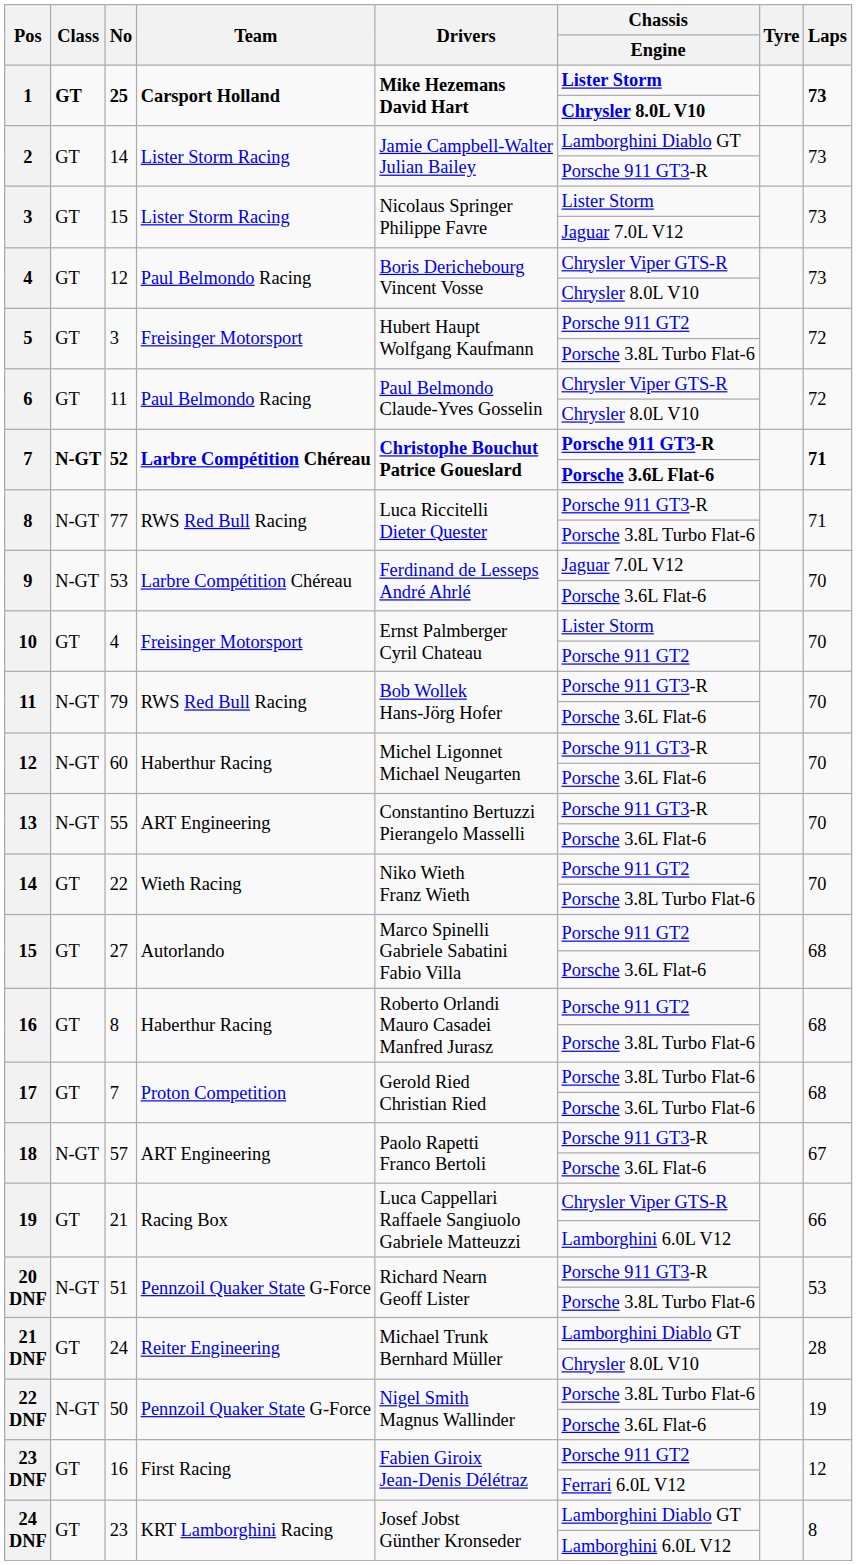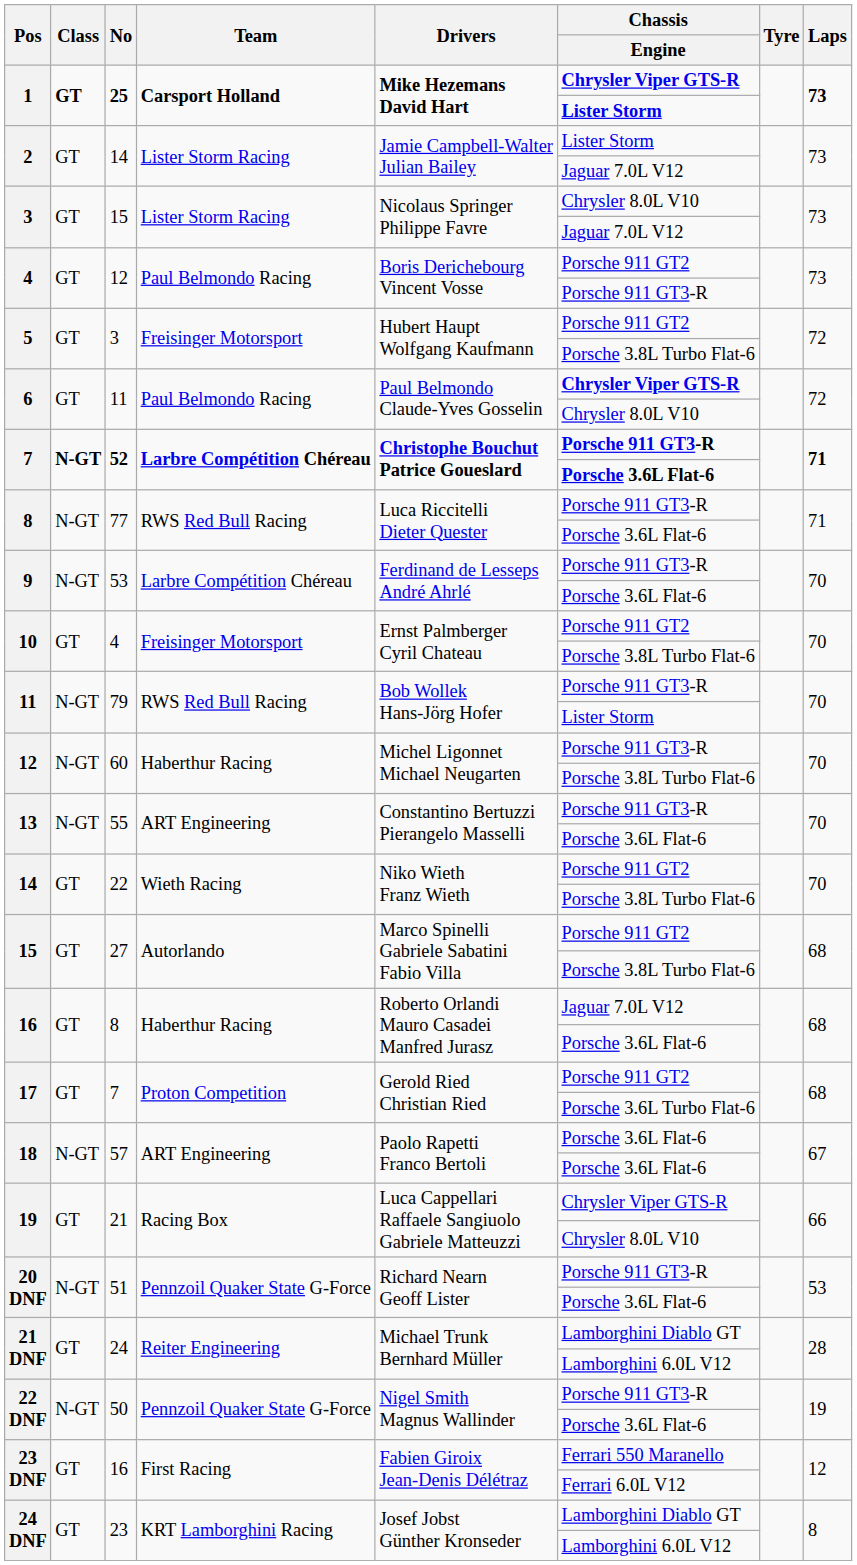 <table class="wikitable" style="font-size: 95%;">
 <tr>
 <th rowspan=2>Pos</th>
 <th rowspan=2>Class</th>
 <th rowspan=2>No</th>
 <th rowspan=2>Team</th>
 <th rowspan=2>Drivers</th>
 <th>Chassis</th>
 <th rowspan=2>Tyre</th>
 <th rowspan=2>Laps</th>
 </tr>
 <tr>
 <th>Engine</th>
 </tr>
 <tr style="font-weight:bold">
 <th rowspan=2>1</th>
 <td rowspan=2>GT</td>
 <td rowspan=2>25</td>
 <td rowspan=2> Carsport Holland</td>
 <td rowspan=2> Mike Hezemans<br> David Hart</td>
-<td><a href='#'>Lister Storm</a></td>
+<td><a href='#'>Chrysler Viper GTS-R</a></td>
 <td rowspan=2></td>
 <td rowspan=2>73</td>
 </tr>
 <tr style="font-weight:bold">
-<td><a href='#'>Chrysler</a> 8.0L V10</td>
+<td><a href='#'>Lister Storm</a></td>
 </tr>
 <tr>
 <th rowspan=2>2</th>
 <td rowspan=2>GT</td>
 <td rowspan=2>14</td>
 <td rowspan=2> <a href='#'>Lister Storm Racing</a></td>
 <td rowspan=2> <a href='#'>Jamie Campbell-Walter</a><br> <a href='#'>Julian Bailey</a></td>
-<td><a href='#'>Lamborghini Diablo</a> GT</td>
+<td><a href='#'>Lister Storm</a></td>
 <td rowspan=2></td>
 <td rowspan=2>73</td>
 </tr>
 <tr>
-<td><a href='#'>Porsche 911 GT3</a>-R</td>
+<td><a href='#'>Jaguar</a> 7.0L V12</td>
 </tr>
 <tr>
 <th rowspan=2>3</th>
 <td rowspan=2>GT</td>
 <td rowspan=2>15</td>
 <td rowspan=2> <a href='#'>Lister Storm Racing</a></td>
 <td rowspan=2> Nicolaus Springer<br> Philippe Favre</td>
-<td><a href='#'>Lister Storm</a></td>
+<td><a href='#'>Chrysler</a> 8.0L V10</td>
 <td rowspan=2></td>
 <td rowspan=2>73</td>
 </tr>
 <tr>
 <td><a href='#'>Jaguar</a> 7.0L V12</td>
 </tr>
 <tr>
 <th rowspan=2>4</th>
 <td rowspan=2>GT</td>
 <td rowspan=2>12</td>
 <td rowspan=2> <a href='#'>Paul Belmondo</a> Racing</td>
 <td rowspan=2> <a href='#'>Boris Derichebourg</a><br> Vincent Vosse</td>
-<td><a href='#'>Chrysler Viper GTS-R</a></td>
+<td><a href='#'>Porsche 911 GT2</a></td>
 <td rowspan=2></td>
 <td rowspan=2>73</td>
 </tr>
 <tr>
-<td><a href='#'>Chrysler</a> 8.0L V10</td>
+<td><a href='#'>Porsche 911 GT3</a>-R</td>
 </tr>
 <tr>
 <th rowspan=2>5</th>
 <td rowspan=2>GT</td>
 <td rowspan=2>3</td>
 <td rowspan=2> <a href='#'>Freisinger Motorsport</a></td>
 <td rowspan=2> Hubert Haupt<br> Wolfgang Kaufmann</td>
 <td><a href='#'>Porsche 911 GT2</a></td>
 <td rowspan=2></td>
 <td rowspan=2>72</td>
 </tr>
 <tr>
 <td><a href='#'>Porsche</a> 3.8L Turbo Flat-6</td>
 </tr>
 <tr>
 <th rowspan=2>6</th>
 <td rowspan=2>GT</td>
 <td rowspan=2>11</td>
 <td rowspan=2> <a href='#'>Paul Belmondo</a> Racing</td>
 <td rowspan=2> <a href='#'>Paul Belmondo</a><br> Claude-Yves Gosselin</td>
-<td><a href='#'>Chrysler Viper GTS-R</a></td>
+<td><strong><a href='#'>Chrysler Viper GTS-R</a></strong></td>
 <td rowspan=2></td>
 <td rowspan=2>72</td>
 </tr>
 <tr>
 <td><a href='#'>Chrysler</a> 8.0L V10</td>
 </tr>
 <tr style="font-weight:bold">
 <th rowspan=2>7</th>
 <td rowspan=2>N-GT</td>
 <td rowspan=2>52</td>
 <td rowspan=2> <a href='#'>Larbre Compétition</a> Chéreau</td>
 <td rowspan=2> <a href='#'>Christophe Bouchut</a><br> Patrice Goueslard</td>
 <td><a href='#'>Porsche 911 GT3</a>-R</td>
 <td rowspan=2></td>
 <td rowspan=2>71</td>
 </tr>
 <tr style="font-weight:bold">
 <td><a href='#'>Porsche</a> 3.6L Flat-6</td>
 </tr>
 <tr>
 <th rowspan=2>8</th>
 <td rowspan=2>N-GT</td>
 <td rowspan=2>77</td>
 <td rowspan=2> RWS <a href='#'>Red Bull</a> Racing</td>
 <td rowspan=2> Luca Riccitelli<br> <a href='#'>Dieter Quester</a></td>
 <td><a href='#'>Porsche 911 GT3</a>-R</td>
 <td rowspan=2></td>
 <td rowspan=2>71</td>
 </tr>
 <tr>
-<td><a href='#'>Porsche</a> 3.8L Turbo Flat-6</td>
+<td><a href='#'>Porsche</a> 3.6L Flat-6</td>
 </tr>
 <tr>
 <th rowspan=2>9</th>
 <td rowspan=2>N-GT</td>
 <td rowspan=2>53</td>
 <td rowspan=2> <a href='#'>Larbre Compétition</a> Chéreau</td>
 <td rowspan=2> <a href='#'>Ferdinand de Lesseps</a><br> <a href='#'>André Ahrlé</a></td>
-<td><a href='#'>Jaguar</a> 7.0L V12</td>
+<td><a href='#'>Porsche 911 GT3</a>-R</td>
 <td rowspan=2></td>
 <td rowspan=2>70</td>
 </tr>
 <tr>
 <td><a href='#'>Porsche</a> 3.6L Flat-6</td>
 </tr>
 <tr>
 <th rowspan=2>10</th>
 <td rowspan=2>GT</td>
 <td rowspan=2>4</td>
 <td rowspan=2> <a href='#'>Freisinger Motorsport</a></td>
 <td rowspan=2> Ernst Palmberger<br> Cyril Chateau</td>
-<td><a href='#'>Lister Storm</a></td>
+<td><a href='#'>Porsche 911 GT2</a></td>
 <td rowspan=2></td>
 <td rowspan=2>70</td>
 </tr>
 <tr>
-<td><a href='#'>Porsche 911 GT2</a></td>
+<td><a href='#'>Porsche</a> 3.8L Turbo Flat-6</td>
 </tr>
 <tr>
 <th rowspan=2>11</th>
 <td rowspan=2>N-GT</td>
 <td rowspan=2>79</td>
 <td rowspan=2> RWS <a href='#'>Red Bull</a> Racing</td>
 <td rowspan=2> <a href='#'>Bob Wollek</a><br> Hans-Jörg Hofer</td>
 <td><a href='#'>Porsche 911 GT3</a>-R</td>
 <td rowspan=2></td>
 <td rowspan=2>70</td>
 </tr>
 <tr>
-<td><a href='#'>Porsche</a> 3.6L Flat-6</td>
+<td><a href='#'>Lister Storm</a></td>
 </tr>
 <tr>
 <th rowspan=2>12</th>
 <td rowspan=2>N-GT</td>
 <td rowspan=2>60</td>
 <td rowspan=2> Haberthur Racing</td>
 <td rowspan=2> Michel Ligonnet<br> Michael Neugarten</td>
 <td><a href='#'>Porsche 911 GT3</a>-R</td>
 <td rowspan=2></td>
 <td rowspan=2>70</td>
 </tr>
 <tr>
-<td><a href='#'>Porsche</a> 3.6L Flat-6</td>
+<td><a href='#'>Porsche</a> 3.8L Turbo Flat-6</td>
 </tr>
 <tr>
 <th rowspan=2>13</th>
 <td rowspan=2>N-GT</td>
 <td rowspan=2>55</td>
 <td rowspan=2> ART Engineering</td>
 <td rowspan=2> Constantino Bertuzzi<br> Pierangelo Masselli</td>
 <td><a href='#'>Porsche 911 GT3</a>-R</td>
 <td rowspan=2></td>
 <td rowspan=2>70</td>
 </tr>
 <tr>
 <td><a href='#'>Porsche</a> 3.6L Flat-6</td>
 </tr>
 <tr>
 <th rowspan=2>14</th>
 <td rowspan=2>GT</td>
 <td rowspan=2>22</td>
 <td rowspan=2> Wieth Racing</td>
 <td rowspan=2> Niko Wieth<br> Franz Wieth</td>
 <td><a href='#'>Porsche 911 GT2</a></td>
 <td rowspan=2></td>
 <td rowspan=2>70</td>
 </tr>
 <tr>
 <td><a href='#'>Porsche</a> 3.8L Turbo Flat-6</td>
 </tr>
 <tr>
 <th rowspan=2>15</th>
 <td rowspan=2>GT</td>
 <td rowspan=2>27</td>
 <td rowspan=2> Autorlando</td>
 <td rowspan=2> Marco Spinelli<br> Gabriele Sabatini<br> Fabio Villa</td>
 <td><a href='#'>Porsche 911 GT2</a></td>
 <td rowspan=2></td>
 <td rowspan=2>68</td>
 </tr>
 <tr>
-<td><a href='#'>Porsche</a> 3.6L Flat-6</td>
+<td><a href='#'>Porsche</a> 3.8L Turbo Flat-6</td>
 </tr>
 <tr>
 <th rowspan=2>16</th>
 <td rowspan=2>GT</td>
 <td rowspan=2>8</td>
 <td rowspan=2> Haberthur Racing</td>
 <td rowspan=2> Roberto Orlandi<br> Mauro Casadei<br> Manfred Jurasz</td>
-<td><a href='#'>Porsche 911 GT2</a></td>
+<td><a href='#'>Jaguar</a> 7.0L V12</td>
 <td rowspan=2></td>
 <td rowspan=2>68</td>
 </tr>
 <tr>
-<td><a href='#'>Porsche</a> 3.8L Turbo Flat-6</td>
+<td><a href='#'>Porsche</a> 3.6L Flat-6</td>
 </tr>
 <tr>
 <th rowspan=2>17</th>
 <td rowspan=2>GT</td>
 <td rowspan=2>7</td>
 <td rowspan=2> <a href='#'>Proton Competition</a></td>
 <td rowspan=2> Gerold Ried<br> Christian Ried</td>
-<td><a href='#'>Porsche</a> 3.8L Turbo Flat-6</td>
+<td><a href='#'>Porsche 911 GT2</a></td>
 <td rowspan=2></td>
 <td rowspan=2>68</td>
 </tr>
 <tr>
 <td><a href='#'>Porsche</a> 3.6L Turbo Flat-6</td>
 </tr>
 <tr>
 <th rowspan=2>18</th>
 <td rowspan=2>N-GT</td>
 <td rowspan=2>57</td>
 <td rowspan=2> ART Engineering</td>
 <td rowspan=2> Paolo Rapetti<br> Franco Bertoli</td>
-<td><a href='#'>Porsche 911 GT3</a>-R</td>
+<td><a href='#'>Porsche</a> 3.6L Flat-6</td>
 <td rowspan=2></td>
 <td rowspan=2>67</td>
 </tr>
 <tr>
 <td><a href='#'>Porsche</a> 3.6L Flat-6</td>
 </tr>
 <tr>
 <th rowspan=2>19</th>
 <td rowspan=2>GT</td>
 <td rowspan=2>21</td>
 <td rowspan=2> Racing Box</td>
 <td rowspan=2> Luca Cappellari<br> Raffaele Sangiuolo<br> Gabriele Matteuzzi</td>
 <td><a href='#'>Chrysler Viper GTS-R</a></td>
 <td rowspan=2></td>
 <td rowspan=2>66</td>
 </tr>
 <tr>
-<td><a href='#'>Lamborghini</a> 6.0L V12</td>
+<td><a href='#'>Chrysler</a> 8.0L V10</td>
 </tr>
 <tr>
 <th rowspan=2>20<br>DNF</th>
 <td rowspan=2>N-GT</td>
 <td rowspan=2>51</td>
 <td rowspan=2> <a href='#'>Pennzoil Quaker State</a> G-Force</td>
 <td rowspan=2> Richard Nearn<br> Geoff Lister</td>
 <td><a href='#'>Porsche 911 GT3</a>-R</td>
 <td rowspan=2></td>
 <td rowspan=2>53</td>
 </tr>
 <tr>
-<td><a href='#'>Porsche</a> 3.8L Turbo Flat-6</td>
+<td><a href='#'>Porsche</a> 3.6L Flat-6</td>
 </tr>
 <tr>
 <th rowspan=2>21<br>DNF</th>
 <td rowspan=2>GT</td>
 <td rowspan=2>24</td>
 <td rowspan=2> <a href='#'>Reiter Engineering</a></td>
 <td rowspan=2> Michael Trunk<br> Bernhard Müller</td>
 <td><a href='#'>Lamborghini Diablo</a> GT</td>
 <td rowspan=2></td>
 <td rowspan=2>28</td>
 </tr>
 <tr>
-<td><a href='#'>Chrysler</a> 8.0L V10</td>
+<td><a href='#'>Lamborghini</a> 6.0L V12</td>
 </tr>
 <tr>
 <th rowspan=2>22<br>DNF</th>
 <td rowspan=2>N-GT</td>
 <td rowspan=2>50</td>
 <td rowspan=2> <a href='#'>Pennzoil Quaker State</a> G-Force</td>
 <td rowspan=2> <a href='#'>Nigel Smith</a><br> Magnus Wallinder</td>
-<td><a href='#'>Porsche</a> 3.8L Turbo Flat-6</td>
+<td><a href='#'>Porsche 911 GT3</a>-R</td>
 <td rowspan=2></td>
 <td rowspan=2>19</td>
 </tr>
 <tr>
 <td><a href='#'>Porsche</a> 3.6L Flat-6</td>
 </tr>
 <tr>
 <th rowspan=2>23<br>DNF</th>
 <td rowspan=2>GT</td>
 <td rowspan=2>16</td>
 <td rowspan=2> First Racing</td>
 <td rowspan=2> <a href='#'>Fabien Giroix</a><br> <a href='#'>Jean-Denis Délétraz</a></td>
-<td><a href='#'>Porsche 911 GT2</a></td>
+<td><a href='#'>Ferrari 550 Maranello</a></td>
 <td rowspan=2></td>
 <td rowspan=2>12</td>
 </tr>
 <tr>
 <td><a href='#'>Ferrari</a> 6.0L V12</td>
 </tr>
 <tr>
 <th rowspan=2>24<br>DNF</th>
 <td rowspan=2>GT</td>
 <td rowspan=2>23</td>
 <td rowspan=2> KRT <a href='#'>Lamborghini</a> Racing</td>
 <td rowspan=2> Josef Jobst<br> Günther Kronseder</td>
 <td><a href='#'>Lamborghini Diablo</a> GT</td>
 <td rowspan=2></td>
 <td rowspan=2>8</td>
 </tr>
 <tr>
 <td><a href='#'>Lamborghini</a> 6.0L V12</td>
 </tr>
 </table>
